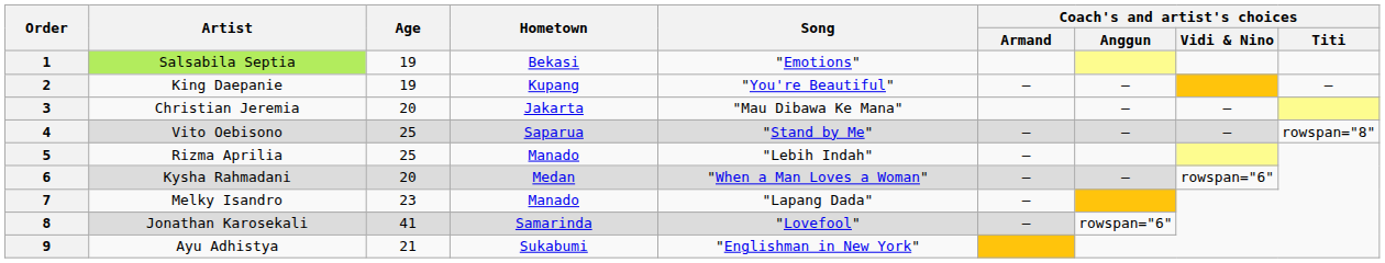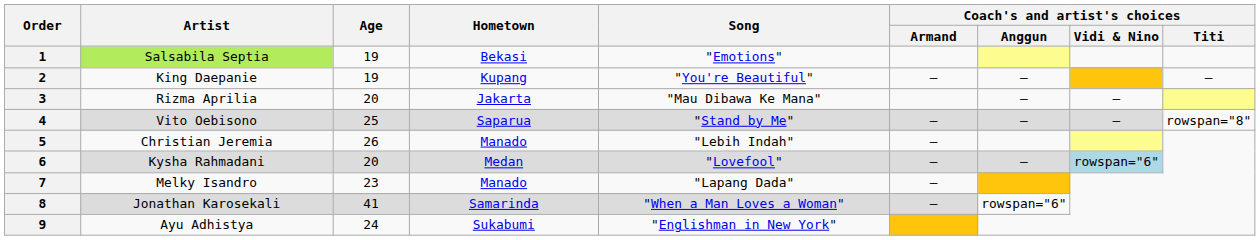 <table class="wikitable" style="text-align:center; width:100%;">
 <tr>
 <th scope="col" rowspan="2" width="06%">Order</th>
 <th scope="col" rowspan="2" width="20%">Artist</th>
 <th scope="col" rowspan="2" width="06%">Age</th>
 <th scope="col" rowspan="2" width="15%">Hometown</th>
 <th scope="col" rowspan="2" width="23%">Song</th>
 <th scope="col" colspan="4" width="28%">Coach's and artist's choices</th>
 </tr>
 <tr>
 <th width="07%">Armand</th>
 <th width="07%">Anggun</th>
 <th width="07%">Vidi & Nino</th>
 <th width="07%">Titi</th>
 </tr>
 <tr>
 <th>1</th>
 <td style="background:#B2EC5D">Salsabila Septia</td>
 <td>19</td>
 <td><a href='#'>Bekasi</a></td>
 <td>"<a href='#'>Emotions</a>"</td>
 <td><strong></strong></td>
 <td style="background:#fdfc8f;"><strong></strong></td>
 <td><strong></strong></td>
 <td><strong></strong></td>
 </tr>
 <tr>
 <th>2</th>
 <td>King Daepanie</td>
 <td>19</td>
 <td><a href='#'>Kupang</a></td>
 <td>"<a href='#'>You're Beautiful</a>"</td>
 <td>–</td>
 <td>–</td>
 <td style="background:#FFC40C;"><strong></strong></td>
 <td>–</td>
 </tr>
 <tr>
 <th>3</th>
-<td>Christian Jeremia</td>
+<td>Rizma Aprilia</td>
 <td>20</td>
 <td><a href='#'>Jakarta</a></td>
 <td>"Mau Dibawa Ke Mana"</td>
 <td><strong></strong></td>
 <td>–</td>
 <td>–</td>
 <td style="background:#fdfc8f;"><strong></strong></td>
 </tr>
 <tr>
 <th>4</th>
 <td style="background:#DCDCDC;">Vito Oebisono</td>
 <td style="background:#DCDCDC;">25</td>
 <td style="background:#DCDCDC;"><a href='#'>Saparua</a></td>
 <td style="background:#DCDCDC;">"<a href='#'>Stand by Me</a>"</td>
 <td style="background:#DCDCDC;">–</td>
 <td style="background:#DCDCDC;">–</td>
 <td style="background:#DCDCDC;">–</td>
 <td>rowspan="8" </td>
 </tr>
 <tr>
 <th>5</th>
-<td>Rizma Aprilia</td>
-<td>25</td>
+<td>Christian Jeremia</td>
+<td>26</td>
 <td><a href='#'>Manado</a></td>
 <td>"Lebih Indah"</td>
 <td>–</td>
 <td><strong></strong></td>
 <td style="background:#fdfc8f;"><strong></strong></td>
 </tr>
 <tr>
 <th>6</th>
 <td style="background:#DCDCDC;">Kysha Rahmadani</td>
 <td style="background:#DCDCDC;">20</td>
 <td style="background:#DCDCDC;"><a href='#'>Medan</a></td>
-<td style="background:#DCDCDC;">"<a href='#'>When a Man Loves a Woman</a>"</td>
+<td style="background:#DCDCDC;">"<a href='#'>Lovefool</a>"</td>
 <td style="background:#DCDCDC;">–</td>
 <td style="background:#DCDCDC;">–</td>
-<td>rowspan="6" </td>
+<td style="background: lightblue;">rowspan="6" </td>
 </tr>
 <tr>
 <th>7</th>
 <td>Melky Isandro</td>
 <td>23</td>
 <td><a href='#'>Manado</a></td>
 <td>"Lapang Dada"</td>
 <td>–</td>
 <td style="background:#FFC40C;"><strong></strong></td>
 </tr>
 <tr>
 <th>8</th>
 <td style="background:#DCDCDC;">Jonathan Karosekali</td>
 <td style="background:#DCDCDC;">41</td>
 <td style="background:#DCDCDC;"><a href='#'>Samarinda</a></td>
-<td style="background:#DCDCDC;">"<a href='#'>Lovefool</a>"</td>
+<td style="background:#DCDCDC;">"<a href='#'>When a Man Loves a Woman</a>"</td>
 <td style="background:#DCDCDC;">–</td>
 <td>rowspan="6" </td>
 </tr>
 <tr>
 <th>9</th>
 <td>Ayu Adhistya</td>
-<td>21</td>
+<td>24</td>
 <td><a href='#'>Sukabumi</a></td>
 <td>"<a href='#'>Englishman in New York</a>"</td>
 <td style="background:#FFC40C;"><strong></strong></td>
 </tr>
 </table>
